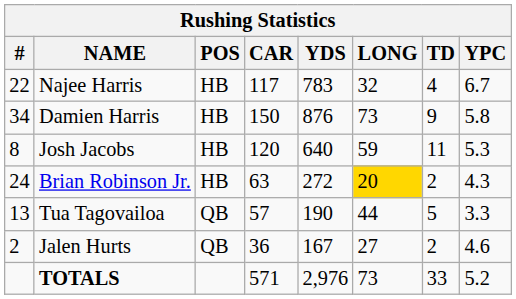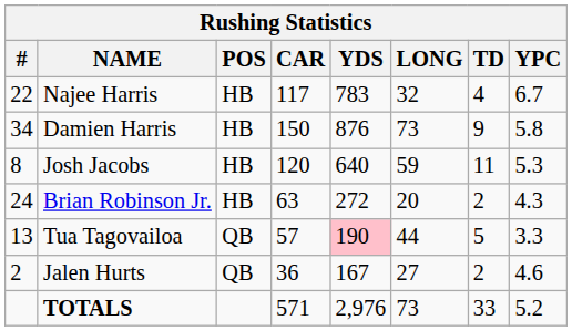 <table class="wikitable sortable collapsible collapsed">
 <tr>
 <th colspan="8">Rushing Statistics</th>
 </tr>
 <tr>
 <th>#</th>
 <th>NAME</th>
 <th>POS</th>
 <th>CAR</th>
 <th>YDS</th>
 <th>LONG</th>
 <th>TD</th>
 <th>YPC</th>
 </tr>
 <tr>
 <td>22</td>
 <td>Najee Harris</td>
 <td>HB</td>
 <td>117</td>
 <td>783</td>
 <td>32</td>
 <td>4</td>
 <td>6.7</td>
 </tr>
 <tr>
 <td>34</td>
 <td>Damien Harris</td>
 <td>HB</td>
 <td>150</td>
 <td>876</td>
 <td>73</td>
 <td>9</td>
 <td>5.8</td>
 </tr>
 <tr>
 <td>8</td>
 <td>Josh Jacobs</td>
 <td>HB</td>
 <td>120</td>
 <td>640</td>
 <td>59</td>
 <td>11</td>
 <td>5.3</td>
 </tr>
 <tr>
 <td>24</td>
 <td><a href='#'>Brian Robinson Jr.</a></td>
 <td>HB</td>
 <td>63</td>
 <td>272</td>
-<td style="background: gold;">20</td>
+<td>20</td>
 <td>2</td>
 <td>4.3</td>
 </tr>
 <tr>
 <td>13</td>
 <td>Tua Tagovailoa</td>
 <td>QB</td>
 <td>57</td>
-<td>190</td>
+<td style="background: pink;">190</td>
 <td>44</td>
 <td>5</td>
 <td>3.3</td>
 </tr>
 <tr>
 <td>2</td>
 <td>Jalen Hurts</td>
 <td>QB</td>
 <td>36</td>
 <td>167</td>
 <td>27</td>
 <td>2</td>
 <td>4.6</td>
 </tr>
 <tr>
 <td></td>
 <td><strong>TOTALS</strong></td>
 <td></td>
 <td>571</td>
 <td>2,976</td>
 <td>73</td>
 <td>33</td>
 <td>5.2</td>
 </tr>
 </table>
